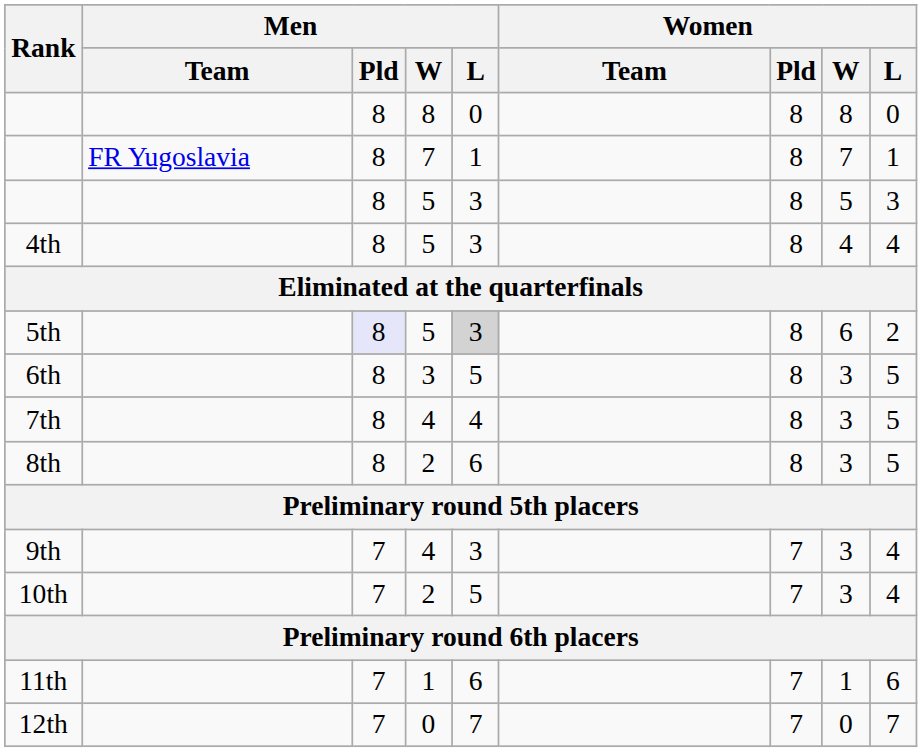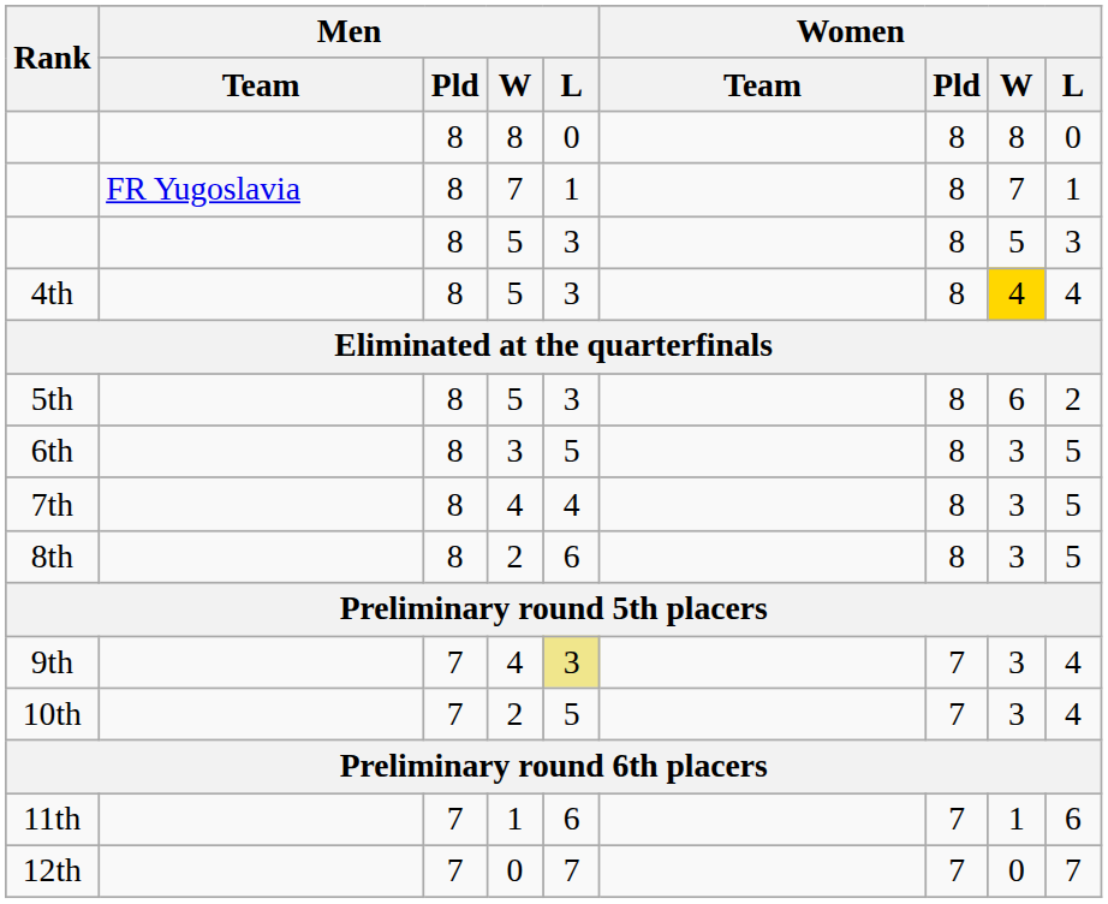 <table class=wikitable>
 <tr>
 <th rowspan=2>Rank</th>
 <th colspan=4>Men</th>
 <th colspan=4>Women</th>
 </tr>
 <tr>
 <th width=150px>Team</th>
 <th width=20px>Pld</th>
 <th width=20px>W</th>
 <th width=20px>L</th>
 <th width=150px>Team</th>
 <th width=20px>Pld</th>
 <th width=20px>W</th>
 <th width=20px>L</th>
 </tr>
 <tr align=center>
 <td></td>
 <td align=left></td>
 <td>8</td>
 <td>8</td>
 <td>0</td>
 <td align=left></td>
 <td>8</td>
 <td>8</td>
 <td>0</td>
 </tr>
 <tr align=center>
 <td></td>
 <td align=left> <a href='#'>FR Yugoslavia</a></td>
 <td>8</td>
 <td>7</td>
 <td>1</td>
 <td align=left></td>
 <td>8</td>
 <td>7</td>
 <td>1</td>
 </tr>
 <tr align=center>
 <td></td>
 <td align=left></td>
 <td>8</td>
 <td>5</td>
 <td>3</td>
 <td align=left></td>
 <td>8</td>
 <td>5</td>
 <td>3</td>
 </tr>
 <tr align=center>
 <td>4th</td>
 <td align=left></td>
 <td>8</td>
 <td>5</td>
 <td>3</td>
 <td align=left></td>
 <td>8</td>
-<td>4</td>
+<td style="background: gold;">4</td>
 <td>4</td>
 </tr>
 <tr>
 <th colspan=9>Eliminated at the quarterfinals</th>
 </tr>
 <tr align=center>
 <td>5th</td>
 <td align=left></td>
-<td style="background: lavender;">8</td>
+<td>8</td>
 <td>5</td>
-<td style="background: lightgrey;">3</td>
+<td>3</td>
 <td align=left></td>
 <td>8</td>
 <td>6</td>
 <td>2</td>
 </tr>
 <tr align=center>
 <td>6th</td>
 <td align=left></td>
 <td>8</td>
 <td>3</td>
 <td>5</td>
 <td align=left></td>
 <td>8</td>
 <td>3</td>
 <td>5</td>
 </tr>
 <tr align=center>
 <td>7th</td>
 <td align=left></td>
 <td>8</td>
 <td>4</td>
 <td>4</td>
 <td align=left></td>
 <td>8</td>
 <td>3</td>
 <td>5</td>
 </tr>
 <tr align=center>
 <td>8th</td>
 <td align=left></td>
 <td>8</td>
 <td>2</td>
 <td>6</td>
 <td align=left></td>
 <td>8</td>
 <td>3</td>
 <td>5</td>
 </tr>
 <tr>
 <th colspan=9>Preliminary round 5th placers</th>
 </tr>
 <tr align=center>
 <td>9th</td>
 <td align=left></td>
 <td>7</td>
 <td>4</td>
-<td>3</td>
+<td style="background: khaki;">3</td>
 <td align=left></td>
 <td>7</td>
 <td>3</td>
 <td>4</td>
 </tr>
 <tr align=center>
 <td>10th</td>
 <td align=left></td>
 <td>7</td>
 <td>2</td>
 <td>5</td>
 <td align=left></td>
 <td>7</td>
 <td>3</td>
 <td>4</td>
 </tr>
 <tr>
 <th colspan=9>Preliminary round 6th placers</th>
 </tr>
 <tr align=center>
 <td>11th</td>
 <td align=left></td>
 <td>7</td>
 <td>1</td>
 <td>6</td>
 <td align=left></td>
 <td>7</td>
 <td>1</td>
 <td>6</td>
 </tr>
 <tr align=center>
 <td>12th</td>
 <td align=left></td>
 <td>7</td>
 <td>0</td>
 <td>7</td>
 <td align=left></td>
 <td>7</td>
 <td>0</td>
 <td>7</td>
 </tr>
 </table>
